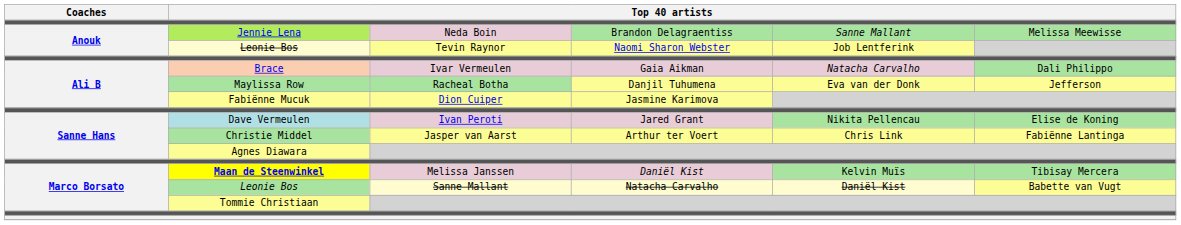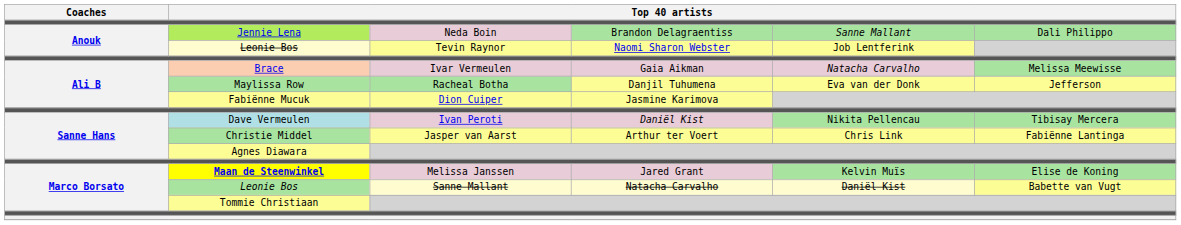 <table class="wikitable" style="text-align:center; width:100%;">
 <tr>
 <th width="14%">Coaches</th>
 <th width="86%" colspan="5">Top 40 artists</th>
 </tr>
 <tr>
 <td colspan="6" style="background:#555555"></td>
 </tr>
 <tr>
 <th rowspan="2"><a href='#'>Anouk</a></th>
 <td style="background:#B2EC5D; width:17.2%"><a href='#'>Jennie Lena</a></td>
 <td style="background:#E8CCD7; width:17.2%">Neda Boin</td>
 <td style="background:#A8E4A0; width:17.2%">Brandon Delagraentiss</td>
 <td style="background:#A8E4A0; width:17.2%"><em>Sanne Mallant</em></td>
-<td style="background:#A8E4A0; width:17.2%">Melissa Meewisse</td>
+<td style="background:#A8E4A0; width:17.2%">Dali Philippo</td>
 </tr>
 <tr>
 <td style="background:#FFFDD0"><s>Leonie Bos</s></td>
 <td style="background:#fdfd96">Tevin Raynor</td>
 <td style="background:#fdfd96"><a href='#'>Naomi Sharon Webster</a></td>
 <td style="background:#fdfd96">Job Lentferink</td>
 <td style="background:lightgrey"></td>
 </tr>
 <tr>
 <td colspan="6" style="background:#555555"></td>
 </tr>
 <tr>
 <th rowspan="3" width="14%"><a href='#'>Ali B</a></th>
 <td style="background:#FBCEB1; width:17.2%"><a href='#'>Brace</a></td>
 <td style="background:#E8CCD7; width:17.2%">Ivar Vermeulen</td>
 <td style="background:#E8CCD7; width:17.2%">Gaia Aikman</td>
 <td style="background:#E8CCD7; width:17.2%"><em>Natacha Carvalho</em></td>
-<td style="background:#A8E4A0; width:17.2%">Dali Philippo</td>
+<td style="background:#A8E4A0; width:17.2%">Melissa Meewisse</td>
 </tr>
 <tr>
 <td style="background:#A8E4A0">Maylissa Row</td>
 <td style="background:#A8E4A0">Racheal Botha</td>
 <td style="background:#fdfd96">Danjil Tuhumena</td>
 <td style="background:#fdfd96">Eva van der Donk</td>
 <td style="background:#fdfd96">Jefferson</td>
 </tr>
 <tr>
 <td style="background:#fdfd96">Fabiënne Mucuk</td>
 <td style="background:#fdfd96"><a href='#'>Dion Cuiper</a></td>
 <td style="background:#fdfd96">Jasmine Karimova</td>
 <td style="background:lightgrey" colspan="2"></td>
 </tr>
 <tr>
 <td colspan="6" style="background:#555555"></td>
 </tr>
 <tr>
 <th rowspan="3" width="14%"><a href='#'>Sanne Hans</a></th>
 <td style="background:#B0E0E6;">Dave Vermeulen</td>
 <td style="background:#E8CCD7;"><a href='#'>Ivan Peroti</a></td>
-<td style="background:#E8CCD7;">Jared Grant</td>
+<td style="background:#E8CCD7;"><em>Daniël Kist</em></td>
 <td style="background:#A8E4A0;">Nikita Pellencau</td>
-<td style="background:#A8E4A0">Elise de Koning</td>
+<td style="background:#A8E4A0">Tibisay Mercera</td>
 </tr>
 <tr>
 <td style="background:#A8E4A0">Christie Middel</td>
 <td style="background:#fdfd96">Jasper van Aarst</td>
 <td style="background:#fdfd96">Arthur ter Voert</td>
 <td style="background:#fdfd96">Chris Link</td>
 <td style="background:#fdfd96">Fabiënne Lantinga</td>
 </tr>
 <tr>
 <td style="background:#fdfd96">Agnes Diawara</td>
 <td style="background:lightgrey" colspan="4"></td>
 </tr>
 <tr>
 <td colspan="6" style="background:#555555"></td>
 </tr>
 <tr>
 <th rowspan="3" width="14%"><a href='#'>Marco Borsato</a></th>
 <td style="background:Yellow;"><strong><a href='#'>Maan de Steenwinkel</a></strong></td>
 <td style="background:#E8CCD7;">Melissa Janssen</td>
-<td style="background:#E8CCD7;"><em>Daniël Kist</em></td>
+<td style="background:#E8CCD7;">Jared Grant</td>
 <td style="background:#A8E4A0;">Kelvin Muïs</td>
-<td style="background:#A8E4A0">Tibisay Mercera</td>
+<td style="background:#A8E4A0">Elise de Koning</td>
 </tr>
 <tr>
 <td style="background:#A8E4A0"><em>Leonie Bos</em></td>
 <td style="background:#FFFDD0"><s>Sanne Mallant</s></td>
 <td style="background:#FFFDD0"><s>Natacha Carvalho</s></td>
 <td style="background:#FFFDD0"><s>Daniël Kist</s></td>
 <td style="background:#fdfd96">Babette van Vugt</td>
 </tr>
 <tr>
 <td style="background:#fdfd96">Tommie Christiaan</td>
 <td style="background:lightgrey" colspan="4"></td>
 </tr>
 <tr>
 <td colspan="6" style="background:#555555"></td>
 </tr>
 <tr>
 <th style="font-size:90%; line-height:12px;" colspan="6"><small></small></th>
 </tr>
 <tr>
 </tr>
 </table>
